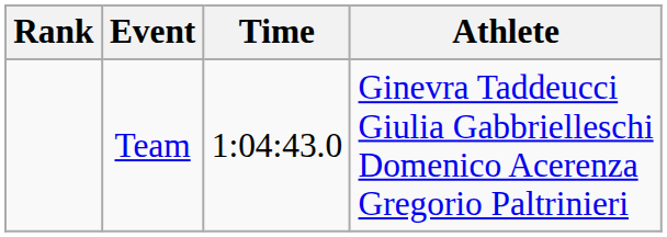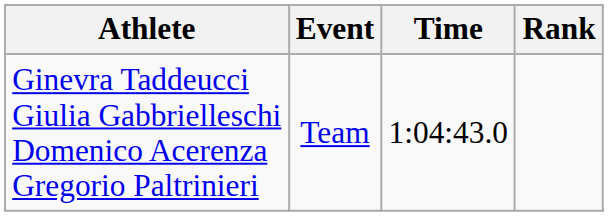 <table class="wikitable">
 <tr>
-<th>Rank</th>
+<th>Athlete</th>
 <th>Event</th>
 <th>Time</th>
-<th>Athlete</th>
+<th>Rank</th>
 </tr>
 <tr align="center">
-<td></td>
+<td align="left"><a href='#'>Ginevra Taddeucci</a><br><a href='#'>Giulia Gabbrielleschi</a><br><a href='#'>Domenico Acerenza</a><br><a href='#'>Gregorio Paltrinieri</a></td>
 <td><a href='#'>Team</a></td>
 <td>1:04:43.0</td>
-<td align="left"><a href='#'>Ginevra Taddeucci</a><br><a href='#'>Giulia Gabbrielleschi</a><br><a href='#'>Domenico Acerenza</a><br><a href='#'>Gregorio Paltrinieri</a></td>
+<td></td>
 </tr>
 </table>
